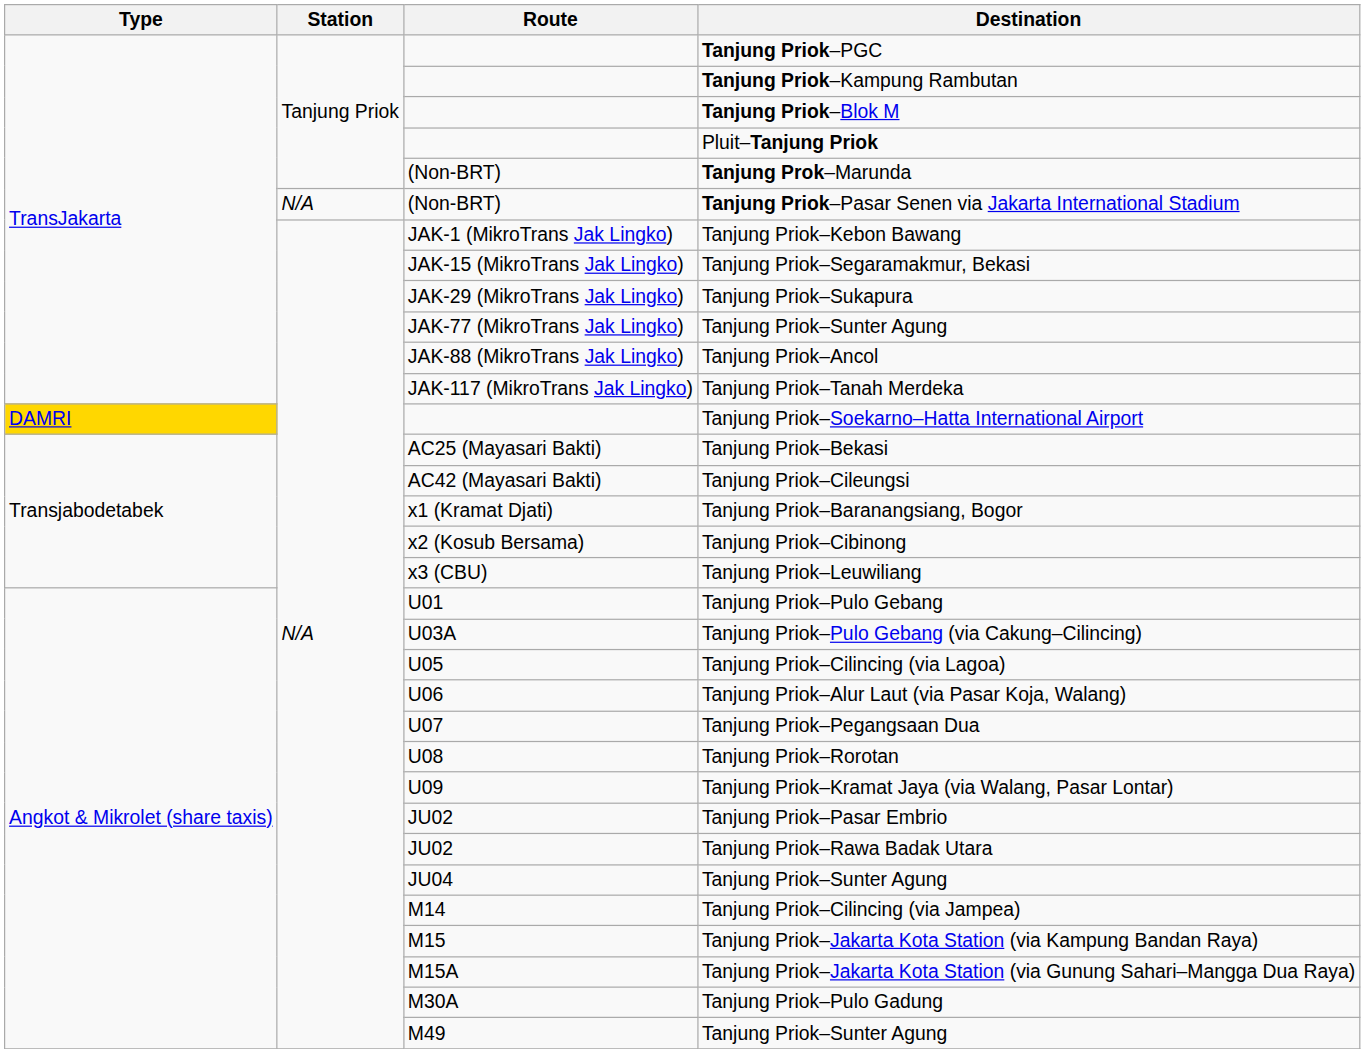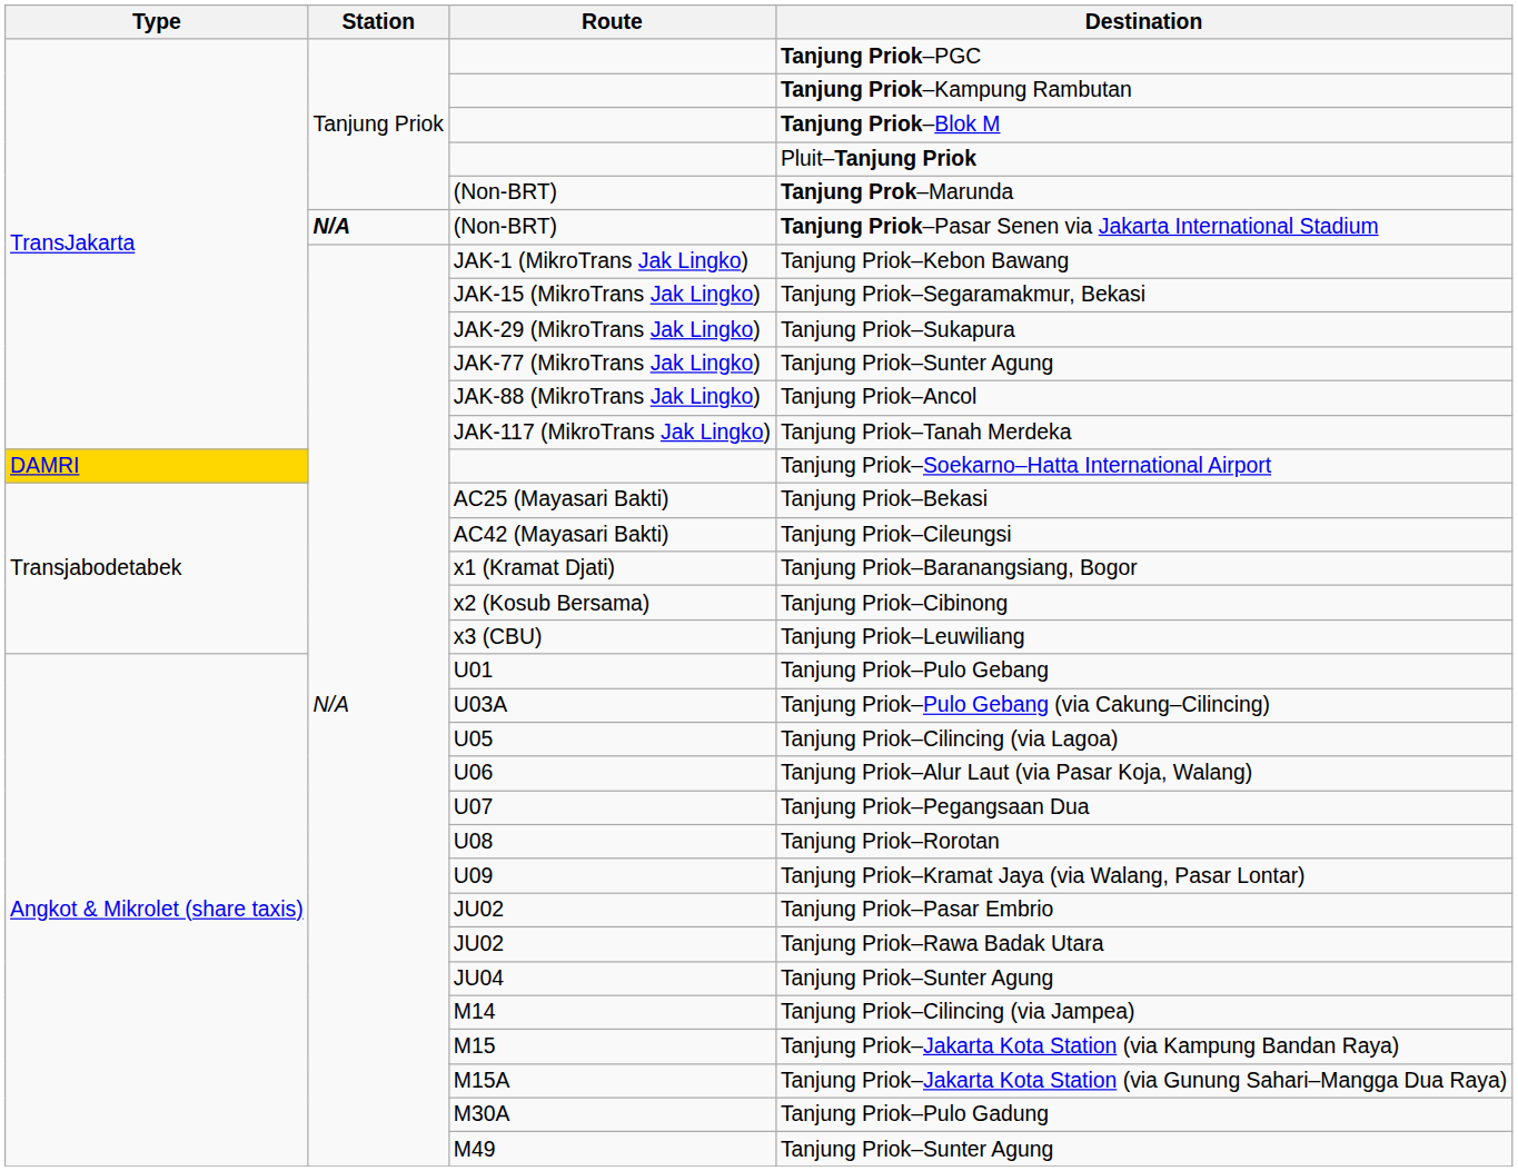 <table class="wikitable">
 <tr>
 <th>Type</th>
 <th>Station</th>
 <th>Route</th>
 <th>Destination</th>
 </tr>
 <tr>
 <td rowspan="12"><a href='#'>TransJakarta</a></td>
 <td rowspan="5">Tanjung Priok</td>
 <td></td>
 <td><strong>Tanjung Priok</strong>–PGC</td>
 </tr>
 <tr>
 <td></td>
 <td><strong>Tanjung Priok</strong>–Kampung Rambutan</td>
 </tr>
 <tr>
 <td></td>
 <td><strong>Tanjung Priok</strong>–<a href='#'>Blok M</a></td>
 </tr>
 <tr>
 <td></td>
 <td>Pluit–<strong>Tanjung Priok</strong></td>
 </tr>
 <tr>
 <td> (Non-BRT)</td>
 <td><strong>Tanjung Prok</strong>–Marunda</td>
 </tr>
 <tr>
-<td><em>N/A</em></td>
+<td><strong><em>N/A</em></strong></td>
 <td> (Non-BRT)</td>
 <td><strong>Tanjung Priok</strong>–Pasar Senen via <a href='#'>Jakarta International Stadium</a></td>
 </tr>
 <tr>
 <td rowspan="27"><em>N/A</em></td>
 <td>JAK-1 (MikroTrans <a href='#'>Jak Lingko</a>)</td>
 <td>Tanjung Priok–Kebon Bawang</td>
 </tr>
 <tr>
 <td>JAK-15 (MikroTrans <a href='#'>Jak Lingko</a>)</td>
 <td>Tanjung Priok–Segaramakmur, Bekasi</td>
 </tr>
 <tr>
 <td>JAK-29 (MikroTrans <a href='#'>Jak Lingko</a>)</td>
 <td>Tanjung Priok–Sukapura</td>
 </tr>
 <tr>
 <td>JAK-77 (MikroTrans <a href='#'>Jak Lingko</a>)</td>
 <td>Tanjung Priok–Sunter Agung</td>
 </tr>
 <tr>
 <td>JAK-88 (MikroTrans <a href='#'>Jak Lingko</a>)</td>
 <td>Tanjung Priok–Ancol</td>
 </tr>
 <tr>
 <td>JAK-117 (MikroTrans <a href='#'>Jak Lingko</a>)</td>
 <td>Tanjung Priok–Tanah Merdeka</td>
 </tr>
 <tr>
 <td style="background: gold;"><a href='#'>DAMRI</a></td>
 <td></td>
 <td>Tanjung Priok–<a href='#'>Soekarno–Hatta International Airport</a></td>
 </tr>
 <tr>
 <td rowspan="5">Transjabodetabek</td>
 <td>AC25 (Mayasari Bakti)</td>
 <td>Tanjung Priok–Bekasi</td>
 </tr>
 <tr>
 <td>AC42 (Mayasari Bakti)</td>
 <td>Tanjung Priok–Cileungsi</td>
 </tr>
 <tr>
 <td>x1 (Kramat Djati)</td>
 <td>Tanjung Priok–Baranangsiang, Bogor</td>
 </tr>
 <tr>
 <td>x2 (Kosub Bersama)</td>
 <td>Tanjung Priok–Cibinong</td>
 </tr>
 <tr>
 <td>x3 (CBU)</td>
 <td>Tanjung Priok–Leuwiliang</td>
 </tr>
 <tr>
 <td rowspan="15"><a href='#'>Angkot & Mikrolet (share taxis)</a></td>
 <td>U01</td>
 <td>Tanjung Priok–Pulo Gebang</td>
 </tr>
 <tr>
 <td>U03A</td>
 <td>Tanjung Priok–<a href='#'>Pulo Gebang</a> (via Cakung–Cilincing)</td>
 </tr>
 <tr>
 <td>U05</td>
 <td>Tanjung Priok–Cilincing (via Lagoa)</td>
 </tr>
 <tr>
 <td>U06</td>
 <td>Tanjung Priok–Alur Laut (via Pasar Koja, Walang)</td>
 </tr>
 <tr>
 <td>U07</td>
 <td>Tanjung Priok–Pegangsaan Dua</td>
 </tr>
 <tr>
 <td>U08</td>
 <td>Tanjung Priok–Rorotan</td>
 </tr>
 <tr>
 <td>U09</td>
 <td>Tanjung Priok–Kramat Jaya (via Walang, Pasar Lontar)</td>
 </tr>
 <tr>
 <td>JU02</td>
 <td>Tanjung Priok–Pasar Embrio</td>
 </tr>
 <tr>
 <td>JU02</td>
 <td>Tanjung Priok–Rawa Badak Utara</td>
 </tr>
 <tr>
 <td>JU04</td>
 <td>Tanjung Priok–Sunter Agung</td>
 </tr>
 <tr>
 <td>M14</td>
 <td>Tanjung Priok–Cilincing (via Jampea)</td>
 </tr>
 <tr>
 <td>M15</td>
 <td>Tanjung Priok–<a href='#'>Jakarta Kota Station</a> (via Kampung Bandan Raya)</td>
 </tr>
 <tr>
 <td>M15A</td>
 <td>Tanjung Priok–<a href='#'>Jakarta Kota Station</a> (via Gunung Sahari–Mangga Dua Raya)</td>
 </tr>
 <tr>
 <td>M30A</td>
 <td>Tanjung Priok–Pulo Gadung</td>
 </tr>
 <tr>
 <td>M49</td>
 <td>Tanjung Priok–Sunter Agung</td>
 </tr>
 </table>
